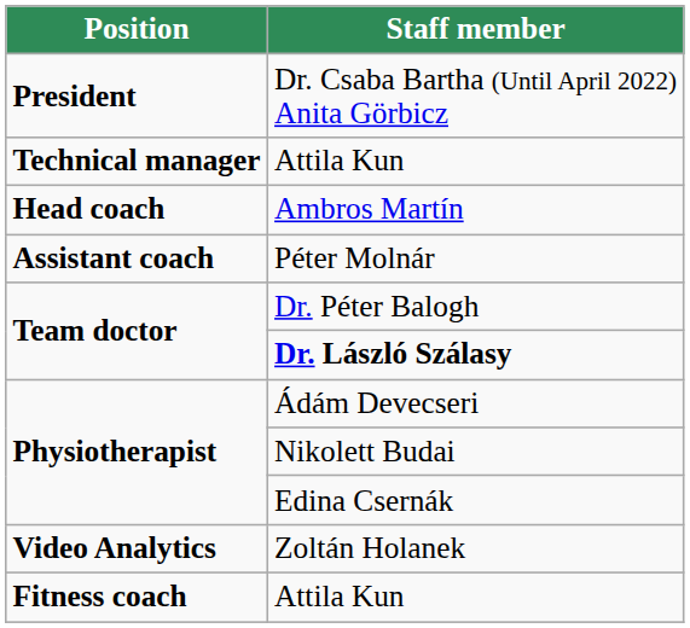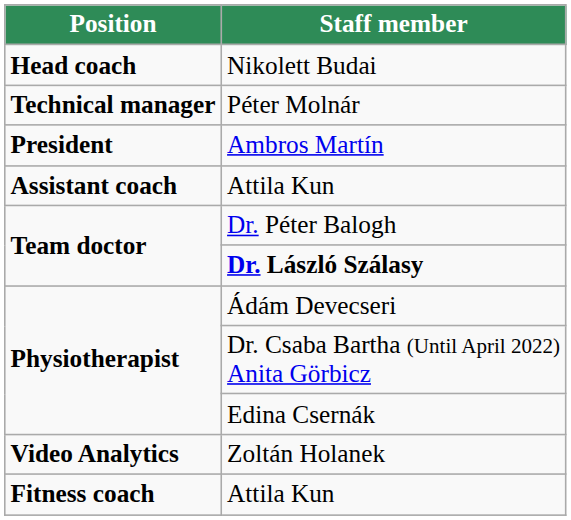 <table class="wikitable">
 <tr>
 <th style="color:white; background:seaGreen;">Position</th>
 <th style="color:white; background:seaGreen;">Staff member</th>
 </tr>
 <tr>
-<td><strong>President</strong></td>
-<td> Dr. Csaba Bartha <small>(Until April 2022)</small> <br>  <a href='#'>Anita Görbicz</a></td>
+<td><strong>Head coach</strong></td>
+<td> Nikolett Budai</td>
 </tr>
 <tr>
 <td><strong>Technical manager</strong></td>
-<td> Attila Kun</td>
+<td> Péter Molnár</td>
 </tr>
 <tr>
-<td><strong>Head coach</strong></td>
+<td><strong>President</strong></td>
 <td> <a href='#'>Ambros Martín</a></td>
 </tr>
 <tr>
 <td><strong>Assistant coach</strong></td>
-<td> Péter Molnár</td>
+<td> Attila Kun</td>
 </tr>
 <tr>
 <td rowspan=2><strong>Team doctor</strong></td>
 <td> <a href='#'>Dr.</a> Péter Balogh</td>
 </tr>
 <tr>
 <td><strong> <a href='#'>Dr.</a> László Szálasy</strong></td>
 </tr>
 <tr>
 <td rowspan=3><strong>Physiotherapist</strong></td>
 <td> Ádám Devecseri</td>
 </tr>
 <tr>
-<td> Nikolett Budai</td>
+<td> Dr. Csaba Bartha <small>(Until April 2022)</small> <br>  <a href='#'>Anita Görbicz</a></td>
 </tr>
 <tr>
 <td> Edina Csernák</td>
 </tr>
 <tr>
 <td><strong>Video Analytics</strong></td>
 <td> Zoltán Holanek</td>
 </tr>
 <tr>
 <td><strong>Fitness coach</strong></td>
 <td> Attila Kun</td>
 </tr>
 </table>
